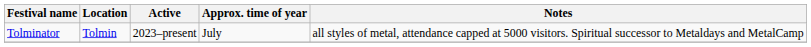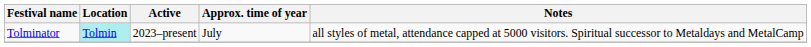 <table class="wikitable sortable">
 <tr>
 <th>Festival name</th>
 <th class="unsortable">Location</th>
 <th>Active</th>
 <th class="wikitable sortable">Approx. time of year</th>
 <th class="unsortable">Notes</th>
 </tr>
 <tr>
 <td><a href='#'>Tolminator</a></td>
-<td><a href='#'>Tolmin</a></td>
+<td style="background: paleturquoise;"><a href='#'>Tolmin</a></td>
 <td>2023–present</td>
 <td>July</td>
 <td>all styles of metal, attendance capped at 5000 visitors. Spiritual successor to Metaldays and MetalCamp</td>
 </tr>
 <tr>
 </tr>
 </table>
